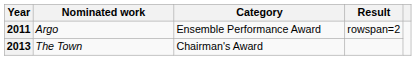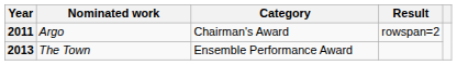 <table class="wikitable">
 <tr>
 <th scope="col" style="width:1em;">Year</th>
 <th scope="col" style="width:30em;">Nominated work</th>
 <th scope="col" style="width:38em;">Category</th>
 <th scope="col" style="width:5em;">Result</th>
 <th scope="col" style="width:1em;"></th>
 </tr>
 <tr>
 <th scope="row">2011</th>
 <td><em>Argo</em></td>
-<td>Ensemble Performance Award</td>
+<td>Chairman's Award</td>
 <td>rowspan=2 </td>
 <td rowspan=2 style="text-align:center;"></td>
 </tr>
 <tr>
 <th scope="row">2013</th>
 <td><em>The Town</em></td>
-<td>Chairman's Award</td>
+<td>Ensemble Performance Award</td>
 </tr>
 </table>
